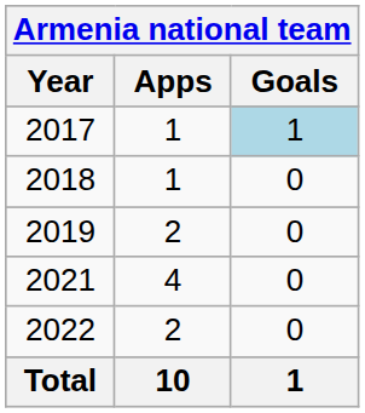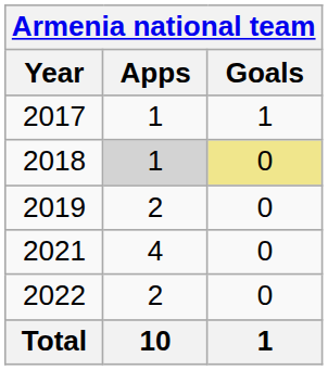 <table class="wikitable" style="text-align:center">
 <tr>
 <th colspan=3><a href='#'>Armenia national team</a></th>
 </tr>
 <tr>
 <th>Year</th>
 <th>Apps</th>
 <th>Goals</th>
 </tr>
 <tr>
 <td>2017</td>
 <td>1</td>
-<td style="background: lightblue;">1</td>
+<td>1</td>
 </tr>
 <tr>
 <td>2018</td>
-<td>1</td>
-<td>0</td>
+<td style="background: lightgrey;">1</td>
+<td style="background: khaki;">0</td>
 </tr>
 <tr>
 <td>2019</td>
 <td>2</td>
 <td>0</td>
 </tr>
 <tr>
 <td>2021</td>
 <td>4</td>
 <td>0</td>
 </tr>
 <tr>
 <td>2022</td>
 <td>2</td>
 <td>0</td>
 </tr>
 <tr>
 <th>Total</th>
 <th>10</th>
 <th>1</th>
 </tr>
 </table>
